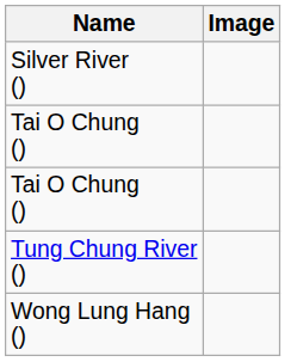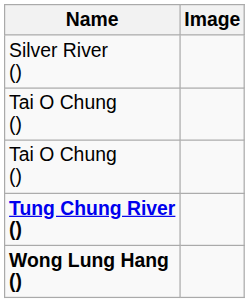 <table class="wikitable">
 <tr>
 <th>Name</th>
 <th>Image</th>
 </tr>
 <tr>
 <td>Silver River<br>()</td>
 <td></td>
 </tr>
 <tr>
 <td>Tai O Chung<br>()</td>
 <td></td>
 </tr>
 <tr>
 <td>Tai O Chung<br>()</td>
 <td></td>
 </tr>
 <tr>
-<td><a href='#'>Tung Chung River</a><br>()</td>
+<td><strong><a href='#'>Tung Chung River</a><br>()</strong></td>
 <td></td>
 </tr>
 <tr>
-<td>Wong Lung Hang<br>()</td>
+<td><strong>Wong Lung Hang<br>()</strong></td>
 <td></td>
 </tr>
 </table>
